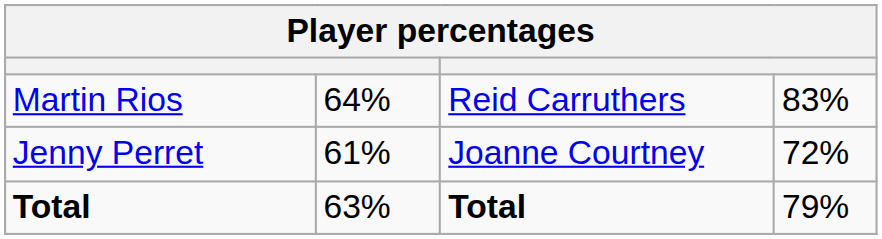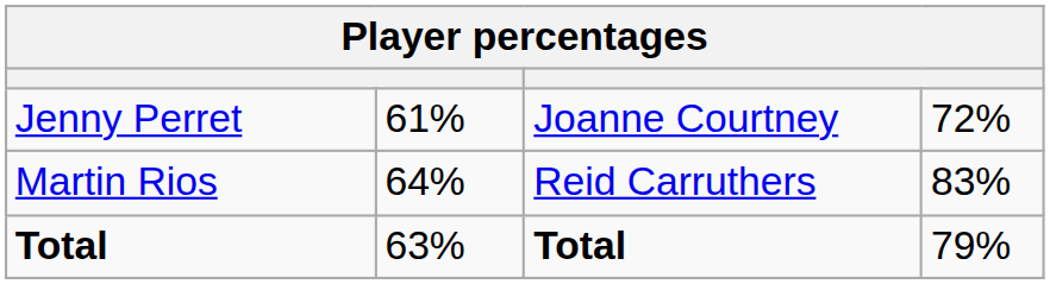 <table class="wikitable">
 <tr>
 <th colspan=4 width=400>Player percentages</th>
 </tr>
 <tr>
 <th colspan=2 width=200 style="white-space:nowrap;"></th>
 <th colspan=2 width=200 style="white-space:nowrap;"></th>
 </tr>
 <tr>
+<td><a href='#'>Jenny Perret</a></td>
+<td>61%</td>
+<td><a href='#'>Joanne Courtney</a></td>
+<td>72%</td>
+</tr>
+<tr>
 <td><a href='#'>Martin Rios</a></td>
 <td>64%</td>
 <td><a href='#'>Reid Carruthers</a></td>
 <td>83%</td>
-</tr>
-<tr>
-<td><a href='#'>Jenny Perret</a></td>
-<td>61%</td>
-<td><a href='#'>Joanne Courtney</a></td>
-<td>72%</td>
 </tr>
 <tr>
 <td><strong>Total</strong></td>
 <td>63%</td>
 <td><strong>Total</strong></td>
 <td>79%</td>
 </tr>
 </table>
